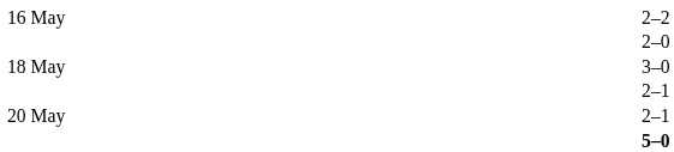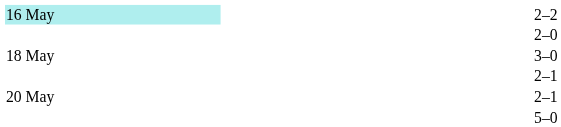 <table cellspacing=1 width=70%>
 <tr>
 <th width=25%></th>
 <th width=30%></th>
 <th width=15%></th>
 <th width=30%></th>
 </tr>
 <tr>
-<td>16 May</td>
+<td style="background: paleturquoise;">16 May</td>
 <td align=right></td>
 <td align=center>2–2</td>
 <td></td>
 </tr>
 <tr>
 <td></td>
 <td align=right></td>
 <td align=center>2–0</td>
 <td></td>
 </tr>
 <tr>
 <td>18 May</td>
 <td align=right></td>
 <td align=center>3–0</td>
 <td></td>
 </tr>
 <tr>
 <td></td>
 <td align=right></td>
 <td align=center>2–1</td>
 <td></td>
 </tr>
 <tr>
 <td>20 May</td>
 <td align=right></td>
 <td align=center>2–1</td>
 <td></td>
 </tr>
 <tr>
 <td></td>
 <td align=right></td>
-<td align=center><strong>5–0</strong></td>
+<td align=center>5–0</td>
 <td></td>
 </tr>
 </table>
